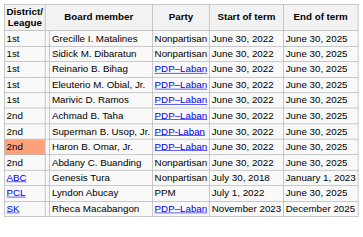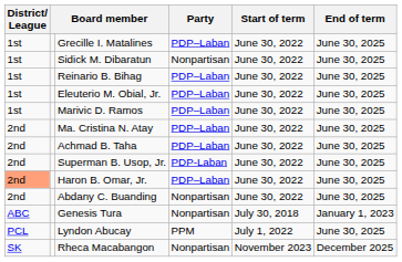 <table class="wikitable">
 <tr>
 <th>District/<br>League</th>
 <th colspan="2">Board member</th>
 <th>Party</th>
 <th>Start of term</th>
 <th>End of term</th>
 </tr>
 <tr>
 <td>1st</td>
 <td></td>
 <td>Grecille I. Matalines</td>
-<td>Nonpartisan</td>
+<td><a href='#'>PDP–Laban</a></td>
 <td>June 30, 2022</td>
 <td>June 30, 2025</td>
 </tr>
 <tr>
 <td>1st</td>
 <td></td>
 <td>Sidick M. Dibaratun</td>
 <td>Nonpartisan</td>
 <td>June 30, 2022</td>
 <td>June 30, 2025</td>
 </tr>
 <tr>
 <td>1st</td>
 <td></td>
 <td>Reinario B. Bihag</td>
 <td><a href='#'>PDP–Laban</a></td>
 <td>June 30, 2022</td>
 <td>June 30, 2025</td>
 </tr>
 <tr>
 <td>1st</td>
 <td></td>
 <td>Eleuterio M. Obial, Jr.</td>
 <td><a href='#'>PDP–Laban</a></td>
 <td>June 30, 2022</td>
 <td>June 30, 2025</td>
 </tr>
 <tr>
 <td>1st</td>
 <td></td>
 <td>Marivic D. Ramos</td>
+<td><a href='#'>PDP–Laban</a></td>
+<td>June 30, 2022</td>
+<td>June 30, 2025</td>
+</tr>
+<tr>
+<td>2nd</td>
+<td></td>
+<td>Ma. Cristina N. Atay</td>
 <td><a href='#'>PDP–Laban</a></td>
 <td>June 30, 2022</td>
 <td>June 30, 2025</td>
 </tr>
 <tr>
 <td>2nd</td>
 <td></td>
 <td>Achmad B. Taha</td>
 <td><a href='#'>PDP–Laban</a></td>
 <td>June 30, 2022</td>
 <td>June 30, 2025</td>
 </tr>
 <tr>
 <td>2nd</td>
 <td></td>
 <td>Superman B. Usop, Jr.</td>
 <td><a href='#'>PDP-Laban</a></td>
 <td>June 30, 2022</td>
 <td>June 30, 2025</td>
 </tr>
 <tr>
 <td style="background: lightsalmon;">2nd</td>
 <td></td>
 <td>Haron B. Omar, Jr.</td>
 <td><a href='#'>PDP–Laban</a></td>
 <td>June 30, 2022</td>
 <td>June 30, 2025</td>
 </tr>
 <tr>
 <td>2nd</td>
 <td></td>
 <td>Abdany C. Buanding</td>
 <td>Nonpartisan</td>
 <td>June 30, 2022</td>
 <td>June 30, 2025</td>
 </tr>
 <tr>
 <td><a href='#'>ABC</a></td>
 <td></td>
 <td>Genesis Tura</td>
 <td>Nonpartisan</td>
 <td>July 30, 2018</td>
 <td>January 1, 2023</td>
 </tr>
 <tr>
 <td><a href='#'>PCL</a></td>
 <td></td>
 <td>Lyndon Abucay</td>
 <td>PPM</td>
 <td>July 1, 2022</td>
 <td>June 30, 2025</td>
 </tr>
 <tr>
 <td><a href='#'>SK</a></td>
 <td></td>
 <td>Rheca Macabangon</td>
-<td><a href='#'>PDP–Laban</a></td>
+<td>Nonpartisan</td>
 <td>November 2023</td>
 <td>December 2025</td>
 </tr>
 </table>
